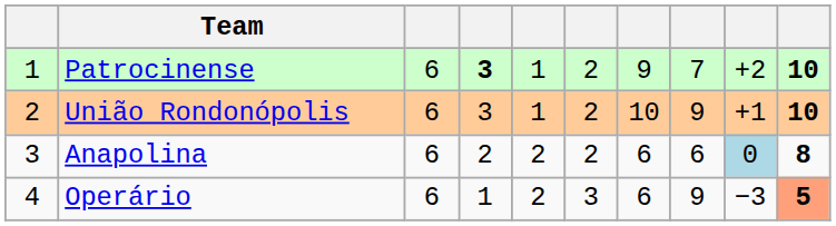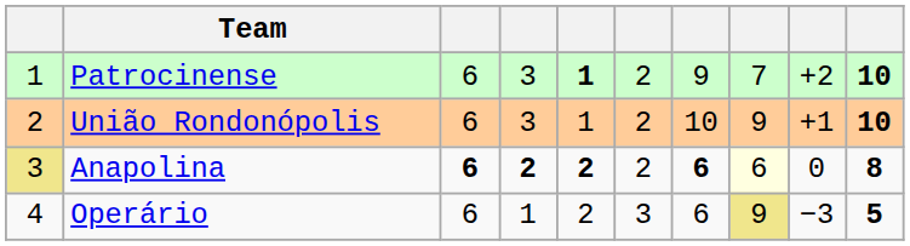 <table class="wikitable" style="text-align: center;">
 <tr>
 <th width=20></th>
 <th width=165>Team</th>
 <th width=20></th>
 <th width=20></th>
 <th width=20></th>
 <th width=20></th>
 <th width=20></th>
 <th width=20></th>
 <th width=20></th>
 <th width=20></th>
 </tr>
 <tr bgcolor=#ccffcc>
 <td>1</td>
 <td align=left> <a href='#'>Patrocinense</a></td>
 <td>6</td>
-<td><strong>3</strong></td>
-<td>1</td>
+<td>3</td>
+<td><strong>1</strong></td>
 <td>2</td>
 <td>9</td>
 <td>7</td>
 <td>+2</td>
 <td><strong>10</strong></td>
 </tr>
 <tr bgcolor=#ffcc99>
 <td>2</td>
 <td align=left> <a href='#'>União Rondonópolis</a></td>
 <td>6</td>
 <td>3</td>
 <td>1</td>
 <td>2</td>
 <td>10</td>
 <td>9</td>
 <td>+1</td>
 <td><strong>10</strong></td>
 </tr>
 <tr>
-<td>3</td>
+<td style="background: khaki;">3</td>
 <td align=left> <a href='#'>Anapolina</a></td>
-<td>6</td>
+<td><strong>6</strong></td>
+<td><strong>2</strong></td>
+<td><strong>2</strong></td>
 <td>2</td>
-<td>2</td>
-<td>2</td>
-<td>6</td>
-<td>6</td>
-<td style="background: lightblue;">0</td>
+<td><strong>6</strong></td>
+<td style="background: lightyellow;">6</td>
+<td>0</td>
 <td><strong>8</strong></td>
 </tr>
 <tr>
 <td>4</td>
 <td align=left> <a href='#'>Operário</a></td>
 <td>6</td>
 <td>1</td>
 <td>2</td>
 <td>3</td>
 <td>6</td>
-<td>9</td>
+<td style="background: khaki;">9</td>
 <td>−3</td>
-<td style="background: lightsalmon;"><strong>5</strong></td>
+<td><strong>5</strong></td>
 </tr>
 </table>
